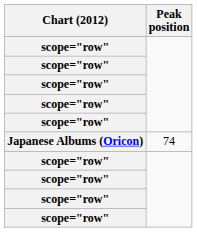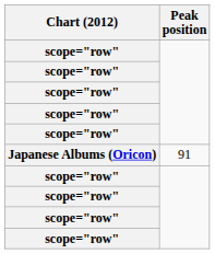 <table class="wikitable sortable plainrowheaders">
 <tr>
 <th>Chart (2012)</th>
 <th>Peak<br>position</th>
 </tr>
 <tr>
 <th>scope="row" </th>
 </tr>
 <tr>
 <th>scope="row" </th>
 </tr>
 <tr>
 <th>scope="row" </th>
 </tr>
 <tr>
 <th>scope="row" </th>
 </tr>
 <tr>
 <th>scope="row" </th>
 </tr>
 <tr>
 <th scope="row">Japanese Albums (<a href='#'>Oricon</a>)</th>
-<td align="center">74</td>
+<td align="center">91</td>
 </tr>
 <tr>
 <th>scope="row" </th>
 </tr>
 <tr>
 <th>scope="row" </th>
 </tr>
 <tr>
 <th>scope="row" </th>
 </tr>
 <tr>
 <th>scope="row" </th>
 </tr>
 </table>
